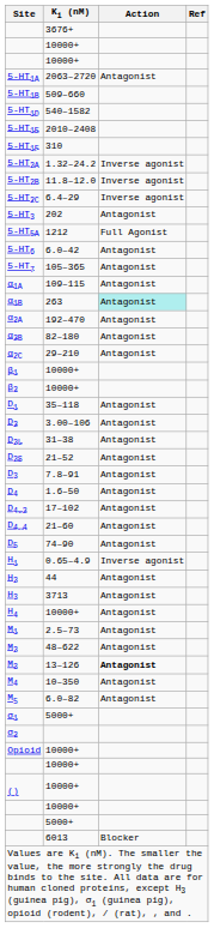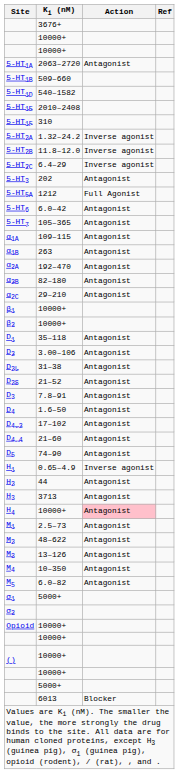 <table class="wikitable floatright sortable" style="font-size:small;">
 <tr>
 <th data-sortable>Site</th>
 <th>K<sub>i</sub> (nM)</th>
 <th>Action</th>
 <th>Ref</th>
 </tr>
 <tr>
 <td></td>
 <td>3676+</td>
 <td></td>
 <td></td>
 </tr>
 <tr>
 <td></td>
 <td>10000+</td>
 <td></td>
 <td></td>
 </tr>
 <tr>
 <td></td>
 <td>10000+</td>
 <td></td>
 <td></td>
 </tr>
 <tr>
 <td><a href='#'>5-HT<sub>1A</sub></a></td>
 <td>2063–2720</td>
 <td>Antagonist</td>
 <td></td>
 </tr>
 <tr>
 <td><a href='#'>5-HT<sub>1B</sub></a></td>
 <td>509–660</td>
 <td></td>
 <td></td>
 </tr>
 <tr>
 <td><a href='#'>5-HT<sub>1D</sub></a></td>
 <td>540–1582</td>
 <td></td>
 <td></td>
 </tr>
 <tr>
 <td><a href='#'>5-HT<sub>1E</sub></a></td>
 <td>2010–2408</td>
 <td></td>
 <td></td>
 </tr>
 <tr>
 <td><a href='#'>5-HT<sub>1F</sub></a></td>
 <td>310</td>
 <td></td>
 <td></td>
 </tr>
 <tr>
 <td><a href='#'>5-HT<sub>2A</sub></a></td>
 <td>1.32–24.2</td>
 <td>Inverse agonist</td>
 <td></td>
 </tr>
 <tr>
 <td><a href='#'>5-HT<sub>2B</sub></a></td>
 <td>11.8–12.0</td>
 <td>Inverse agonist</td>
 <td></td>
 </tr>
 <tr>
 <td><a href='#'>5-HT<sub>2C</sub></a></td>
 <td>6.4–29</td>
 <td>Inverse agonist</td>
 <td></td>
 </tr>
 <tr>
 <td><a href='#'>5-HT<sub>3</sub></a></td>
 <td>202</td>
 <td>Antagonist</td>
 <td></td>
 </tr>
 <tr>
 <td><a href='#'>5-HT<sub>5A</sub></a></td>
 <td>1212</td>
 <td>Full Agonist</td>
 <td></td>
 </tr>
 <tr>
 <td><a href='#'>5-HT<sub>6</sub></a></td>
 <td>6.0–42</td>
 <td>Antagonist</td>
 <td></td>
 </tr>
 <tr>
 <td><a href='#'>5-HT<sub>7</sub></a></td>
 <td>105–365</td>
 <td>Antagonist</td>
 <td></td>
 </tr>
 <tr>
 <td><a href='#'>α<sub>1A</sub></a></td>
 <td>109–115</td>
 <td>Antagonist</td>
 <td></td>
 </tr>
 <tr>
 <td><a href='#'>α<sub>1B</sub></a></td>
 <td>263</td>
-<td style="background: paleturquoise;">Antagonist</td>
+<td>Antagonist</td>
 <td></td>
 </tr>
 <tr>
 <td><a href='#'>α<sub>2A</sub></a></td>
 <td>192–470</td>
 <td>Antagonist</td>
 <td></td>
 </tr>
 <tr>
 <td><a href='#'>α<sub>2B</sub></a></td>
 <td>82–180</td>
 <td>Antagonist</td>
 <td></td>
 </tr>
 <tr>
 <td><a href='#'>α<sub>2C</sub></a></td>
 <td>29–210</td>
 <td>Antagonist</td>
 <td></td>
 </tr>
 <tr>
 <td><a href='#'>β<sub>1</sub></a></td>
 <td>10000+</td>
 <td></td>
 <td></td>
 </tr>
 <tr>
 <td><a href='#'>β<sub>2</sub></a></td>
 <td>10000+</td>
 <td></td>
 <td></td>
 </tr>
 <tr>
 <td><a href='#'>D<sub>1</sub></a></td>
 <td>35–118</td>
 <td>Antagonist</td>
 <td></td>
 </tr>
 <tr>
 <td><a href='#'>D<sub>2</sub></a></td>
 <td>3.00–106</td>
 <td>Antagonist</td>
 <td></td>
 </tr>
 <tr>
 <td><a href='#'>D<sub>2L</sub></a></td>
 <td>31–38</td>
 <td>Antagonist</td>
 <td></td>
 </tr>
 <tr>
 <td><a href='#'>D<sub>2S</sub></a></td>
 <td>21–52</td>
 <td>Antagonist</td>
 <td></td>
 </tr>
 <tr>
 <td><a href='#'>D<sub>3</sub></a></td>
 <td>7.8–91</td>
 <td>Antagonist</td>
 <td></td>
 </tr>
 <tr>
 <td><a href='#'>D<sub>4</sub></a></td>
 <td>1.6–50</td>
 <td>Antagonist</td>
 <td></td>
 </tr>
 <tr>
 <td><a href='#'>D<sub>4.2</sub></a></td>
 <td>17–102</td>
 <td>Antagonist</td>
 <td></td>
 </tr>
 <tr>
 <td><a href='#'>D<sub>4.4</sub></a></td>
 <td>21–60</td>
 <td>Antagonist</td>
 <td></td>
 </tr>
 <tr>
 <td><a href='#'>D<sub>5</sub></a></td>
 <td>74–90</td>
 <td>Antagonist</td>
 <td></td>
 </tr>
 <tr>
 <td><a href='#'>H<sub>1</sub></a></td>
 <td>0.65–4.9</td>
 <td>Inverse agonist</td>
 <td></td>
 </tr>
 <tr>
 <td><a href='#'>H<sub>2</sub></a></td>
 <td>44</td>
 <td>Antagonist</td>
 <td></td>
 </tr>
 <tr>
 <td><a href='#'>H<sub>3</sub></a></td>
 <td>3713</td>
 <td>Antagonist</td>
 <td></td>
 </tr>
 <tr>
 <td><a href='#'>H<sub>4</sub></a></td>
 <td>10000+</td>
-<td>Antagonist</td>
+<td style="background: pink;">Antagonist</td>
 <td></td>
 </tr>
 <tr>
 <td><a href='#'>M<sub>1</sub></a></td>
 <td>2.5–73</td>
 <td>Antagonist</td>
 <td></td>
 </tr>
 <tr>
 <td><a href='#'>M<sub>2</sub></a></td>
 <td>48–622</td>
 <td>Antagonist</td>
 <td></td>
 </tr>
 <tr>
 <td><a href='#'>M<sub>3</sub></a></td>
 <td>13–126</td>
-<td><strong>Antagonist</strong></td>
+<td>Antagonist</td>
 <td></td>
 </tr>
 <tr>
 <td><a href='#'>M<sub>4</sub></a></td>
 <td>10–350</td>
 <td>Antagonist</td>
 <td></td>
 </tr>
 <tr>
 <td><a href='#'>M<sub>5</sub></a></td>
 <td>6.0–82</td>
 <td>Antagonist</td>
 <td></td>
 </tr>
 <tr>
 <td><a href='#'>σ<sub>1</sub></a></td>
 <td>5000+</td>
 <td></td>
 <td></td>
 </tr>
 <tr>
 <td><a href='#'>σ<sub>2</sub></a></td>
 <td></td>
 <td></td>
 <td></td>
 </tr>
 <tr>
 <td><a href='#'>Opioid</a></td>
 <td>10000+</td>
 <td></td>
 <td></td>
 </tr>
 <tr>
 <td></td>
 <td>10000+</td>
 <td></td>
 <td></td>
 </tr>
 <tr>
 <td><a href='#'><br>()</a></td>
 <td>10000+</td>
 <td></td>
 <td></td>
 </tr>
 <tr>
 <td></td>
 <td>10000+</td>
 <td></td>
 <td></td>
 </tr>
 <tr>
 <td></td>
 <td>5000+</td>
 <td></td>
 <td></td>
 </tr>
 <tr>
 <td></td>
 <td>6013</td>
 <td>Blocker</td>
 <td></td>
 </tr>
 <tr class="sortbottom">
 <td colspan="5" style="width: 1px;">Values are K<sub>i</sub> (nM). The smaller the value, the more strongly the drug binds to the site. All data are for human cloned proteins, except H<sub>3</sub> (guinea pig), σ<sub>1</sub> (guinea pig), opioid (rodent), / (rat), , and .</td>
 </tr>
 </table>
